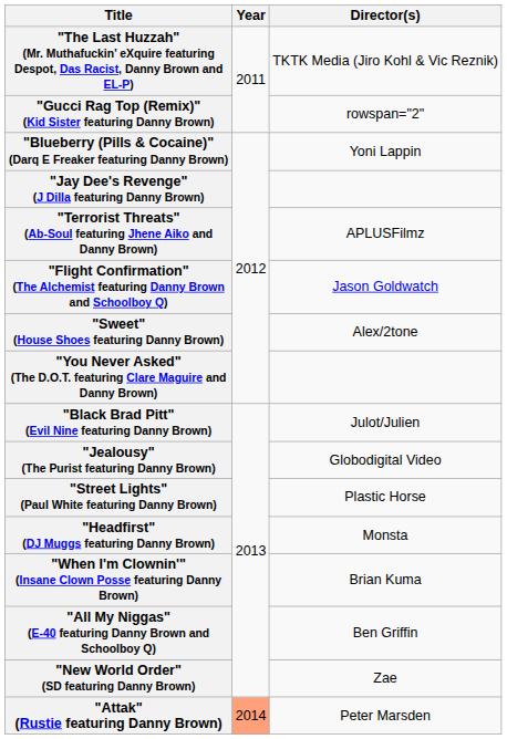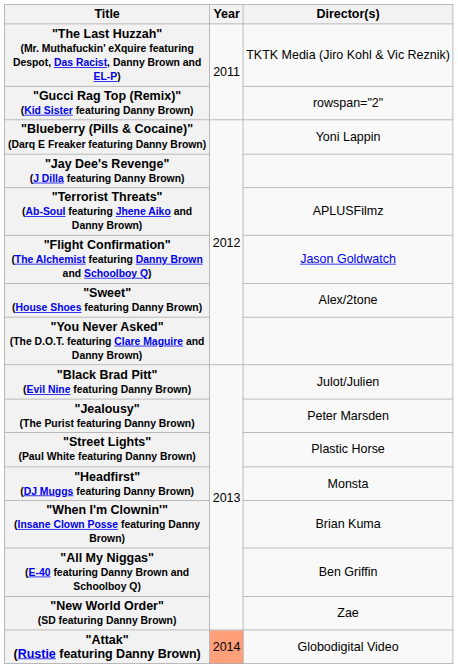 <table class="wikitable plainrowheaders" style="text-align:center;">
 <tr>
 <th scope="col" style="width:16em;">Title</th>
 <th scope="col">Year</th>
 <th scope="col">Director(s)</th>
 </tr>
 <tr>
 <th scope="row">"The Last Huzzah"<br><small>(Mr. Muthafuckin’ eXquire featuring Despot, <a href='#'>Das Racist</a>, Danny Brown and <a href='#'>EL-P</a>)</small></th>
 <td rowspan="2">2011</td>
 <td>TKTK Media (Jiro Kohl & Vic Reznik)</td>
 </tr>
 <tr>
 <th scope="row">"Gucci Rag Top (Remix)"<br><small>(<a href='#'>Kid Sister</a> featuring Danny Brown)</small></th>
 <td>rowspan="2" </td>
 </tr>
 <tr>
 <th scope="row">"Blueberry (Pills & Cocaine)"<br><small>(Darq E Freaker featuring Danny Brown)</small></th>
 <td rowspan="6">2012</td>
 <td>Yoni Lappin</td>
 </tr>
 <tr>
 <th scope="row">"Jay Dee's Revenge"<br><small>(<a href='#'>J Dilla</a> featuring Danny Brown)</small></th>
 <td></td>
 </tr>
 <tr>
 <th scope="row">"Terrorist Threats"<br><small>(<a href='#'>Ab-Soul</a> featuring <a href='#'>Jhene Aiko</a> and Danny Brown)</small></th>
 <td>APLUSFilmz</td>
 </tr>
 <tr>
 <th scope="row">"Flight Confirmation"<br><small>(<a href='#'>The Alchemist</a> featuring <a href='#'>Danny Brown</a> and <a href='#'>Schoolboy Q</a>)</small></th>
 <td><a href='#'>Jason Goldwatch</a></td>
 </tr>
 <tr>
 <th scope="row">"Sweet"<br><small>(<a href='#'>House Shoes</a> featuring Danny Brown)</small></th>
 <td>Alex/2tone</td>
 </tr>
 <tr>
 <th scope="row">"You Never Asked"<br><small>(The D.O.T. featuring <a href='#'>Clare Maguire</a> and Danny Brown)</small></th>
 </tr>
 <tr>
 <th scope="row">"Black Brad Pitt"<br><small>(<a href='#'>Evil Nine</a> featuring Danny Brown)</small></th>
 <td rowspan="7">2013</td>
 <td>Julot/Julien</td>
 </tr>
 <tr>
 <th scope="row">"Jealousy"<br><small>(The Purist featuring Danny Brown)</small></th>
-<td>Globodigital Video</td>
+<td>Peter Marsden</td>
 </tr>
 <tr>
 <th scope="row">"Street Lights"<br><small>(Paul White featuring Danny Brown)</small></th>
 <td>Plastic Horse</td>
 </tr>
 <tr>
 <th scope="row">"Headfirst"<br><small>(<a href='#'>DJ Muggs</a> featuring Danny Brown)</small></th>
 <td>Monsta</td>
 </tr>
 <tr>
 <th scope="row">"When I'm Clownin'"<br><small>(<a href='#'>Insane Clown Posse</a> featuring Danny Brown)</small></th>
 <td>Brian Kuma</td>
 </tr>
 <tr>
 <th scope="row">"All My Niggas"<br><small>(<a href='#'>E-40</a> featuring Danny Brown and Schoolboy Q)</small></th>
 <td>Ben Griffin</td>
 </tr>
 <tr>
 <th scope="row">"New World Order"<br><small>(SD featuring Danny Brown)</small></th>
 <td>Zae</td>
 </tr>
 <tr>
 <th scope="row">"Attak"<br><span>(<a href='#'>Rustie</a> featuring Danny Brown)</span></th>
 <td style="background: lightsalmon;">2014</td>
-<td>Peter Marsden</td>
+<td>Globodigital Video</td>
 </tr>
 </table>
